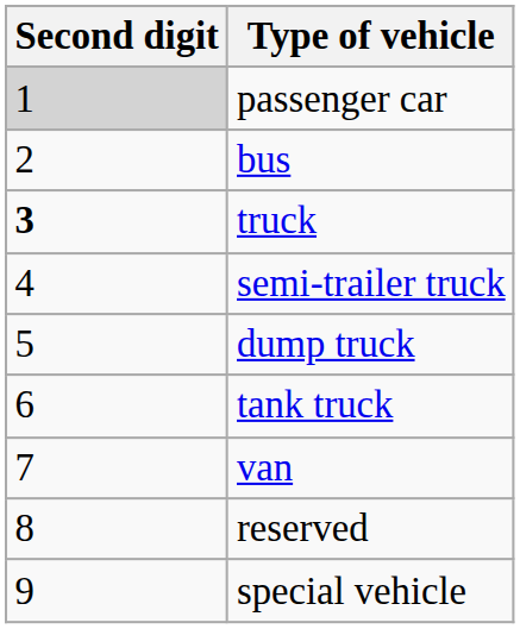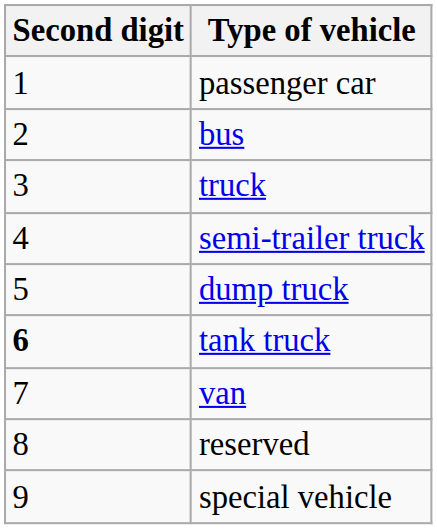 <table class="wikitable">
 <tr>
 <th>Second digit</th>
 <th>Type of vehicle</th>
 </tr>
 <tr>
-<td style="background: lightgrey;">1</td>
+<td>1</td>
 <td>passenger car</td>
 </tr>
 <tr>
 <td>2</td>
 <td><a href='#'>bus</a></td>
 </tr>
 <tr>
-<td><strong>3</strong></td>
+<td>3</td>
 <td><a href='#'>truck</a></td>
 </tr>
 <tr>
 <td>4</td>
 <td><a href='#'>semi-trailer truck</a></td>
 </tr>
 <tr>
 <td>5</td>
 <td><a href='#'>dump truck</a></td>
 </tr>
 <tr>
-<td>6</td>
+<td><strong>6</strong></td>
 <td><a href='#'>tank truck</a></td>
 </tr>
 <tr>
 <td>7</td>
 <td><a href='#'>van</a></td>
 </tr>
 <tr>
 <td>8</td>
 <td>reserved</td>
 </tr>
 <tr>
 <td>9</td>
 <td>special vehicle</td>
 </tr>
 </table>
